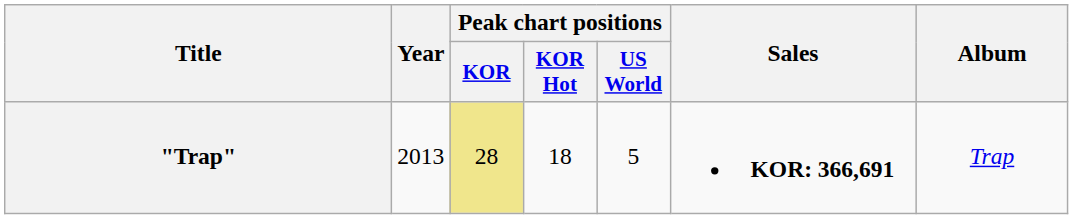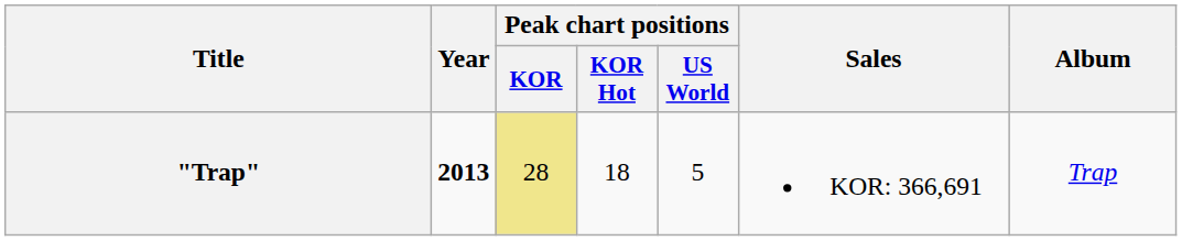 <table class="wikitable plainrowheaders" style="text-align:center;">
 <tr>
 <th scope="col" rowspan="2" style="width:16em;">Title</th>
 <th scope="col" rowspan="2">Year</th>
 <th scope="col" colspan="3">Peak chart positions</th>
 <th scope="col" rowspan="2" style="width:10em;">Sales</th>
 <th scope="col" rowspan="2" style="width:6em;">Album</th>
 </tr>
 <tr>
 <th scope="col" style="width:3em;font-size:90%;"><a href='#'>KOR</a><br></th>
 <th scope="col" style="width:3em;font-size:90%;"><a href='#'>KOR<br>Hot</a><br></th>
 <th scope="col" style="width:3em;font-size:90%;"><a href='#'>US<br>World</a><br></th>
 </tr>
 <tr>
 <th scope="row">"Trap"<br></th>
-<td>2013</td>
+<td><strong>2013</strong></td>
 <td style="background: khaki;">28</td>
 <td>18</td>
 <td>5</td>
-<td><strong><br><ul><li>KOR: 366,691</li></ul></strong></td>
+<td><br><ul><li>KOR: 366,691</li></ul></td>
 <td><em><a href='#'>Trap</a></em></td>
 </tr>
 </table>
